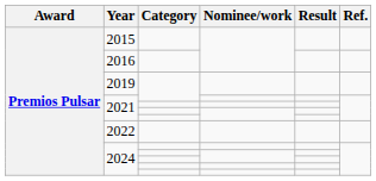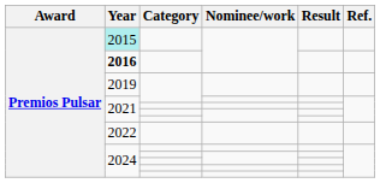 <table class="wikitable plainrowheaders">
 <tr>
 <th>Award</th>
 <th>Year</th>
 <th>Category</th>
 <th>Nominee/work</th>
 <th>Result</th>
 <th>Ref.</th>
 </tr>
 <tr>
 <th rowspan="13" scope="row"><a href='#'>Premios Pulsar</a></th>
-<td>2015</td>
+<td style="background: paleturquoise;">2015</td>
 <td></td>
 <td rowspan="2"></td>
 <td></td>
 <td></td>
 </tr>
 <tr>
-<td>2016</td>
+<td><strong>2016</strong></td>
 <td></td>
 <td></td>
 <td></td>
 </tr>
 <tr>
 <td>2019</td>
 <td rowspan="2"></td>
 <td></td>
 <td></td>
 <td></td>
 </tr>
 <tr>
 <td rowspan="4">2021</td>
 <td></td>
 <td></td>
 <td rowspan="4"></td>
 </tr>
 <tr>
 <td></td>
 <td></td>
 <td></td>
 </tr>
 <tr>
 <td></td>
 <td rowspan="2"></td>
 <td></td>
 </tr>
 <tr>
 <td></td>
 <td></td>
 </tr>
 <tr>
 <td>2022</td>
 <td></td>
 <td></td>
 <td></td>
 <td></td>
 </tr>
 <tr>
 <td rowspan="5">2024</td>
 <td></td>
 <td></td>
 <td></td>
 <td rowspan="5"></td>
 </tr>
 <tr>
 <td></td>
 <td rowspan="2"></td>
 <td></td>
 </tr>
 <tr>
 <td></td>
 <td></td>
 </tr>
 <tr>
 <td></td>
 <td></td>
 <td></td>
 </tr>
 <tr>
 <td></td>
 <td></td>
 <td></td>
 </tr>
 </table>
